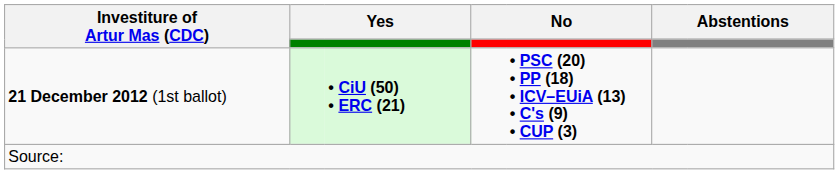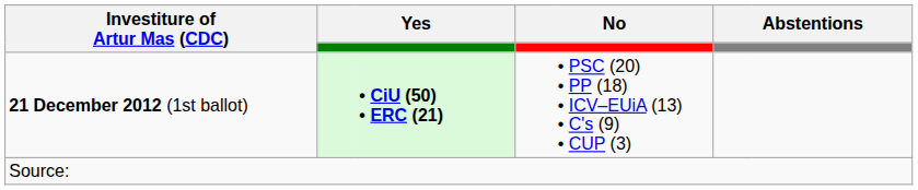 <table class="wikitable" style="font-size:90%; line-height:16px;">
 <tr>
 <th rowspan="2" align="left" width="250">Investiture of<br><a href='#'>Artur Mas</a> (<a href='#'>CDC</a>)</th>
 <th colspan="2">Yes</th>
 <th colspan="2">No</th>
 <th colspan="2">Abstentions</th>
 </tr>
 <tr>
 <th colspan="2" height="1px" style="background:green;"></th>
 <th colspan="2" style="background:red;"></th>
 <th colspan="2" style="background:gray;"></th>
 </tr>
 <tr>
 <td align="left"><strong>21 December 2012</strong> (1st ballot)<br></td>
 <td style="background-color:#DAFADA; font-size:115%; border-right-style:hidden;" width="25"></td>
 <td style="background-color:#DAFADA;" width="125"><strong>• <a href='#'>CiU</a> (50)<br>• <a href='#'>ERC</a> (21)</strong></td>
 <td style="font-size:115%; border-right-style:hidden;" width="25"></td>
-<td width="125"><strong>• <a href='#'>PSC</a> (20)<br>• <a href='#'>PP</a> (18)<br>• <a href='#'>ICV–EUiA</a> (13)<br>• <a href='#'>C's</a> (9)<br>• <a href='#'>CUP</a> (3)</strong></td>
+<td width="125">• <a href='#'>PSC</a> (20)<br>• <a href='#'>PP</a> (18)<br>• <a href='#'>ICV–EUiA</a> (13)<br>• <a href='#'>C's</a> (9)<br>• <a href='#'>CUP</a> (3)</td>
 <td style="font-size:115%; border-right-style:hidden;" width="25"></td>
 <td width="125"></td>
 </tr>
 <tr>
 <td colspan="7">Source: </td>
 </tr>
 </table>
